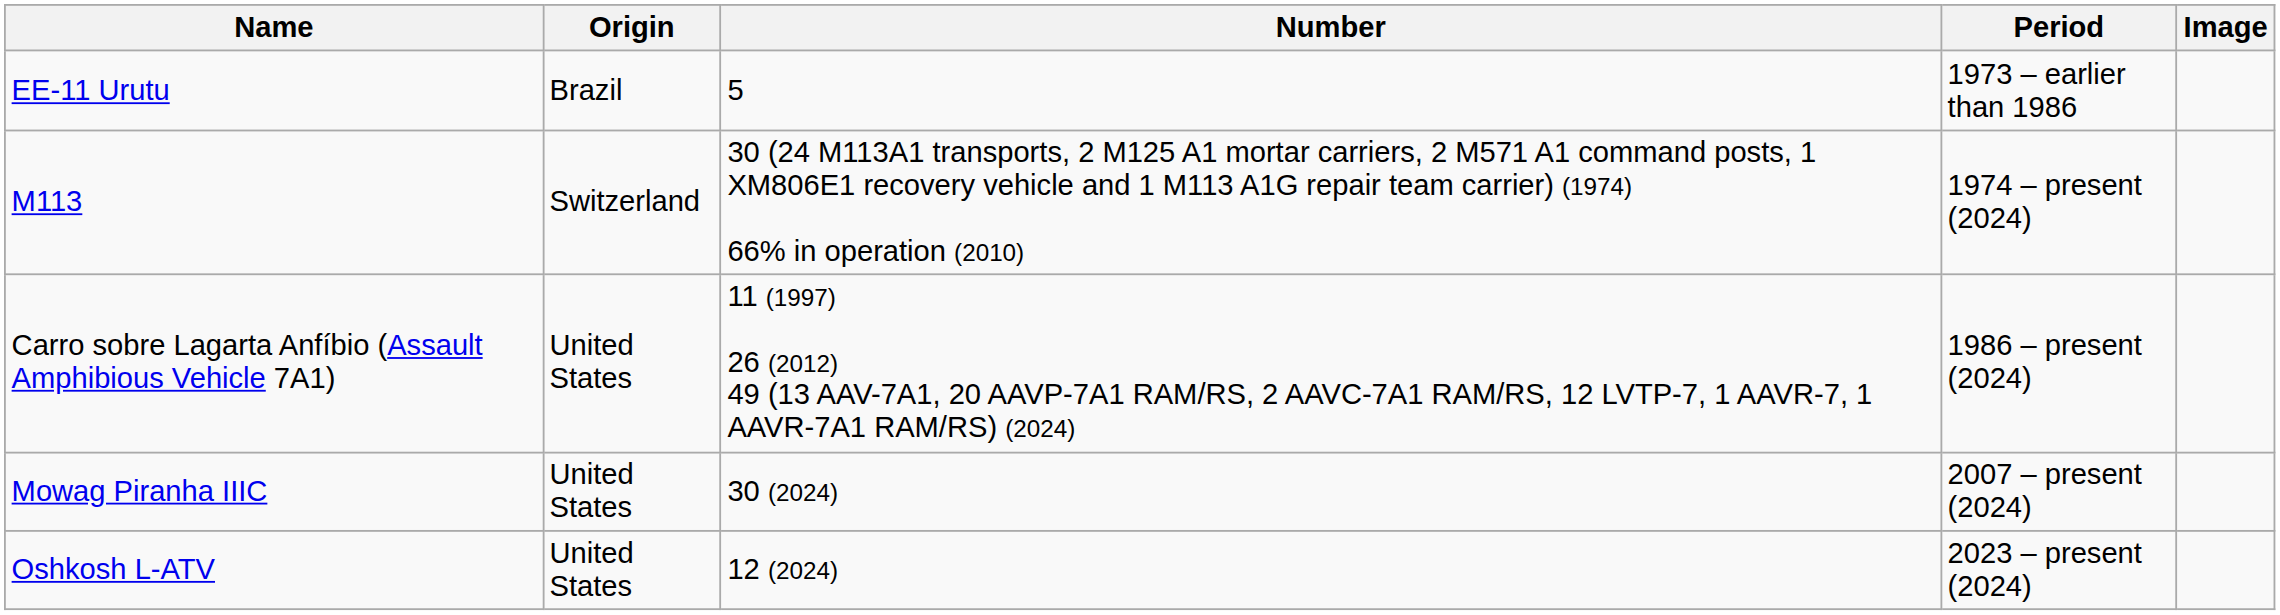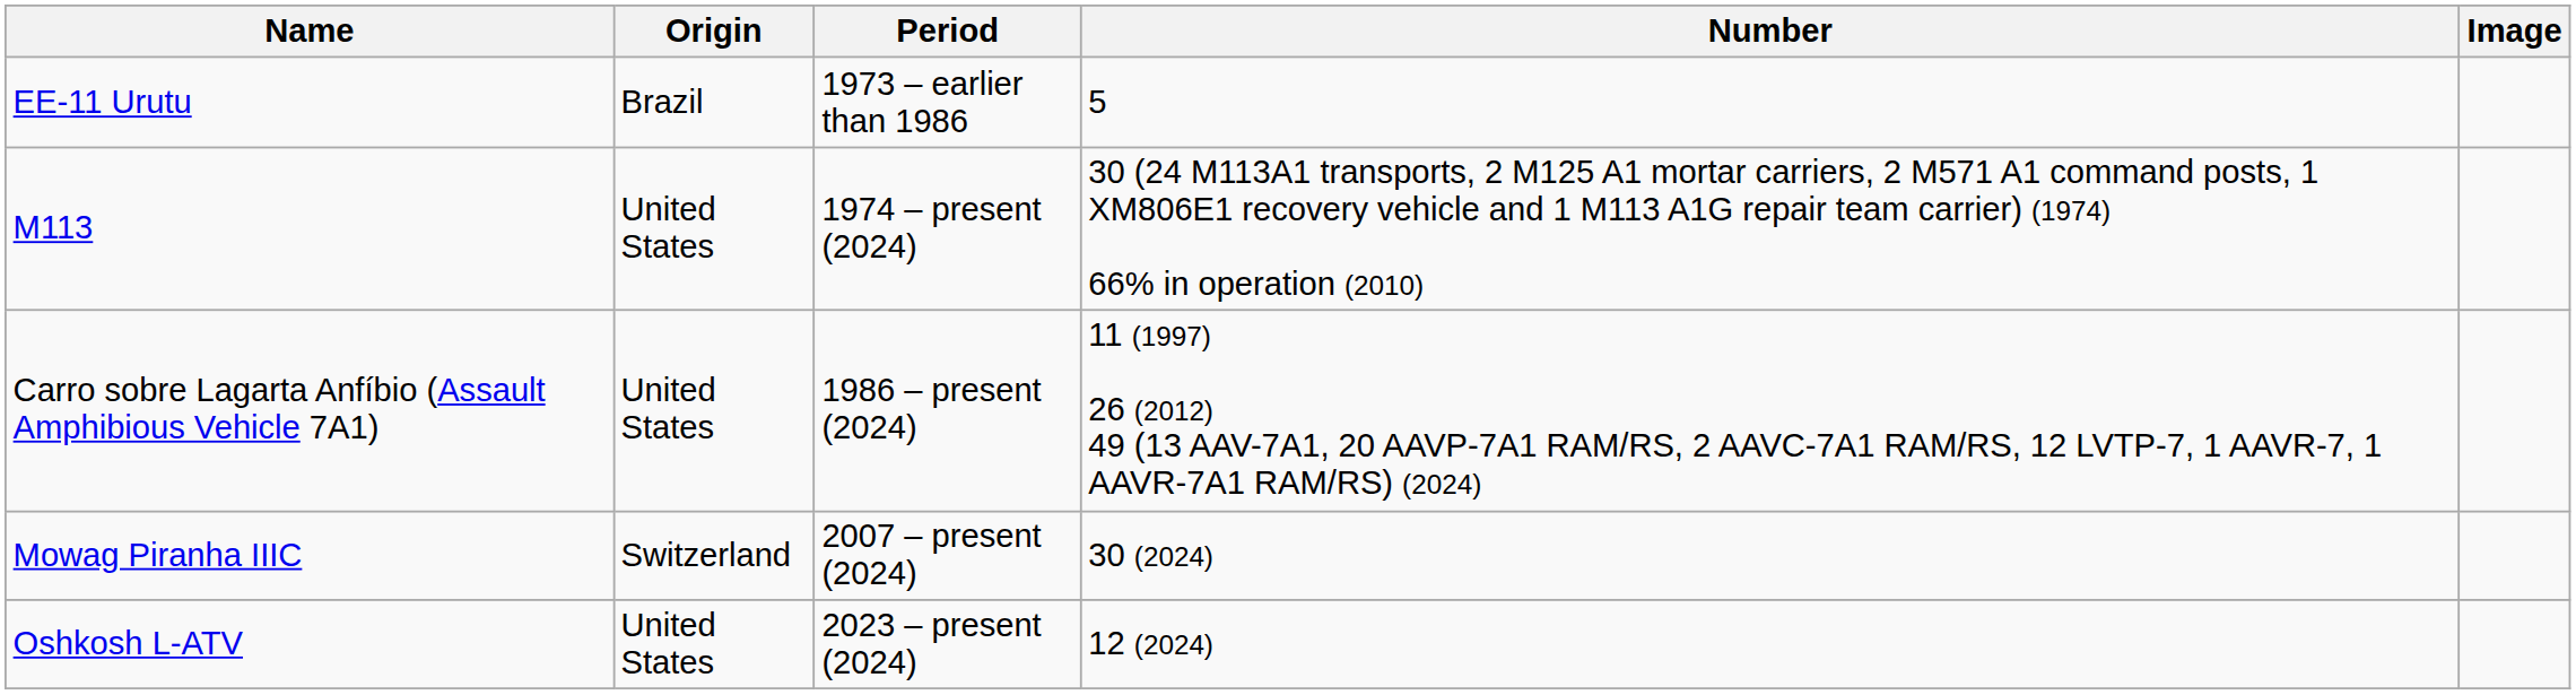 <table class="wikitable mw-collapsible mw-collapsed">
 <tr>
 <th>Name</th>
 <th>Origin</th>
+<th>Period</th>
 <th>Number</th>
-<th>Period</th>
 <th>Image</th>
 </tr>
 <tr>
 <td><a href='#'>EE-11 Urutu</a></td>
 <td>Brazil</td>
+<td>1973 – earlier than 1986</td>
 <td>5</td>
-<td>1973 – earlier than 1986</td>
 <td></td>
 </tr>
 <tr>
 <td><a href='#'>M113</a></td>
-<td>Switzerland</td>
+<td>United States</td>
+<td>1974 – present (2024)</td>
 <td>30 (24 M113A1 transports, 2 M125 A1 mortar carriers, 2 M571 A1 command posts, 1 XM806E1 recovery vehicle and 1 M113 A1G repair team carrier) <small>(1974)</small><br><br>66% in operation <small>(2010)</small></td>
-<td>1974 – present (2024)</td>
 <td></td>
 </tr>
 <tr>
 <td>Carro sobre Lagarta Anfíbio (<a href='#'>Assault Amphibious Vehicle</a> 7A1)</td>
 <td>United States</td>
+<td>1986 – present (2024)</td>
 <td>11 <small>(1997)</small><br><br>26 <small>(2012)</small><br> 49 (13 AAV-7A1, 20 AAVP-7A1 RAM/RS, 2 AAVC-7A1 RAM/RS, 12 LVTP-7, 1 AAVR-7, 1 AAVR-7A1 RAM/RS) <small>(2024)</small></td>
-<td>1986 – present (2024)</td>
 <td></td>
 </tr>
 <tr>
 <td><a href='#'>Mowag Piranha IIIC</a></td>
-<td>United States</td>
+<td>Switzerland</td>
+<td>2007 – present (2024)</td>
 <td>30 <small>(2024)</small></td>
-<td>2007 – present (2024)</td>
 <td></td>
 </tr>
 <tr>
 <td><a href='#'>Oshkosh L-ATV</a></td>
 <td>United States</td>
+<td>2023 – present (2024)</td>
 <td>12 <small>(2024)</small></td>
-<td>2023 – present (2024)</td>
 <td></td>
 </tr>
 </table>
